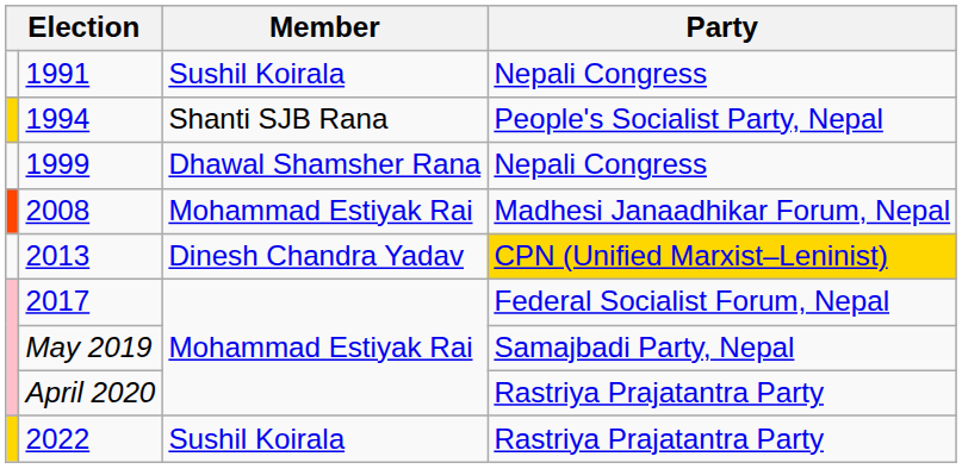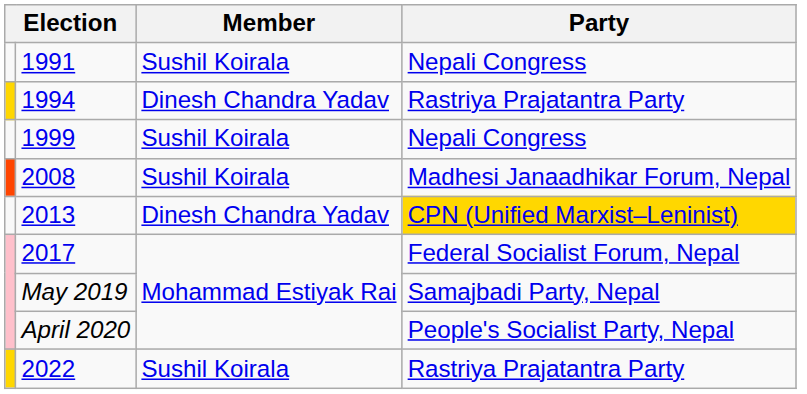 <table class="wikitable">
 <tr>
 <th colspan="2">Election</th>
 <th>Member</th>
 <th>Party</th>
 </tr>
 <tr>
 <td style="background-color:"></td>
 <td><a href='#'>1991</a></td>
 <td><a href='#'>Sushil Koirala</a></td>
 <td><a href='#'>Nepali Congress</a></td>
 </tr>
 <tr>
 <td style="background-color:gold"></td>
 <td><a href='#'>1994</a></td>
-<td>Shanti SJB Rana</td>
-<td><a href='#'>People's Socialist Party, Nepal</a></td>
+<td><a href='#'>Dinesh Chandra Yadav</a></td>
+<td><a href='#'>Rastriya Prajatantra Party</a></td>
 </tr>
 <tr>
 <td style="background-color:"></td>
 <td><a href='#'>1999</a></td>
-<td><a href='#'>Dhawal Shamsher Rana</a></td>
+<td><a href='#'>Sushil Koirala</a></td>
 <td><a href='#'>Nepali Congress</a></td>
 </tr>
 <tr>
 <td style="background-color:orangered"></td>
 <td><a href='#'>2008</a></td>
-<td><a href='#'>Mohammad Estiyak Rai</a></td>
+<td><a href='#'>Sushil Koirala</a></td>
 <td><a href='#'>Madhesi Janaadhikar Forum, Nepal</a></td>
 </tr>
 <tr>
 <td style="background-color:"></td>
 <td><a href='#'>2013</a></td>
 <td><a href='#'>Dinesh Chandra Yadav</a></td>
 <td style="background: gold;"><a href='#'>CPN (Unified Marxist–Leninist)</a></td>
 </tr>
 <tr>
 <td rowspan="3" style="background-color:pink"></td>
 <td><a href='#'>2017</a></td>
 <td rowspan="3"><a href='#'>Mohammad Estiyak Rai</a></td>
 <td><a href='#'>Federal Socialist Forum, Nepal</a></td>
 </tr>
 <tr>
 <td><em>May 2019</em></td>
 <td><a href='#'>Samajbadi Party, Nepal</a></td>
 </tr>
 <tr>
 <td><em>April 2020</em></td>
-<td><a href='#'>Rastriya Prajatantra Party</a></td>
+<td><a href='#'>People's Socialist Party, Nepal</a></td>
 </tr>
 <tr>
 <td style="background-color:gold"></td>
 <td><a href='#'>2022</a></td>
 <td><a href='#'>Sushil Koirala</a></td>
 <td><a href='#'>Rastriya Prajatantra Party</a></td>
 </tr>
 </table>
